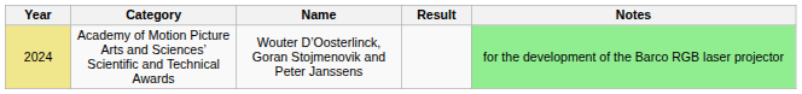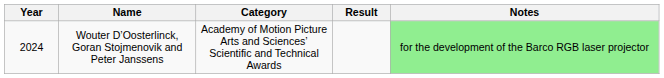 <table class="wikitable" style="text-align: center">
 <tr ---- bgcolor="#ebf5ff">
 <th width="75">Year</th>
+<th width="200">Name</th>
 <th width="200">Category</th>
-<th width="200">Name</th>
 <th width="80">Result</th>
 <th width="400">Notes</th>
 </tr>
 <tr>
-<td style="background: khaki;">2024</td>
+<td>2024</td>
+<td>Wouter D’Oosterlinck,<br>Goran Stojmenovik  and Peter Janssens</td>
 <td>Academy of Motion Picture Arts and Sciences’ Scientific and Technical Awards</td>
-<td>Wouter D’Oosterlinck,<br>Goran Stojmenovik  and Peter Janssens</td>
 <td></td>
 <td style="background: lightgreen;">for the development of the Barco RGB laser projector</td>
 </tr>
 </table>
